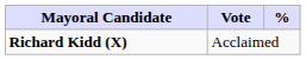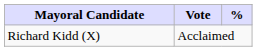 <table class="wikitable">
 <tr>
 <th style="background:#ddf; width:200px;">Mayoral Candidate </th>
 <th style="background:#ddf; width:50px;">Vote</th>
 <th style="background:#ddf; width:30px;">%</th>
 </tr>
 <tr>
-<td><strong>Richard Kidd (X)</strong></td>
+<td>Richard Kidd (X)</td>
 <td colspan="2">Acclaimed</td>
 </tr>
 </table>
